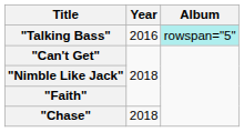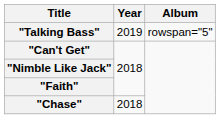 <table class="wikitable plainrowheaders" style="text-align:center;">
 <tr>
 <th>Title</th>
 <th>Year</th>
 <th>Album</th>
 </tr>
 <tr>
 <th scope="row">"Talking Bass"<br></th>
-<td>2016</td>
-<td style="background: paleturquoise;">rowspan="5" </td>
+<td>2019</td>
+<td>rowspan="5" </td>
 </tr>
 <tr>
 <th scope="row">"Can't Get"<br></th>
 <td rowspan="3">2018</td>
 </tr>
 <tr>
 <th scope="row">"Nimble Like Jack"<br></th>
 </tr>
 <tr>
 <th scope="row">"Faith"<br></th>
 </tr>
 <tr>
 <th scope="row">"Chase"<br></th>
 <td>2018</td>
 </tr>
 </table>
